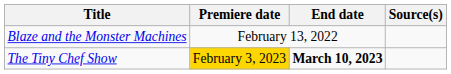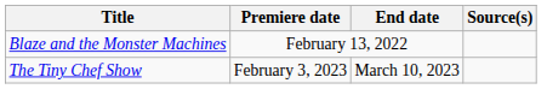 <table class="wikitable sortable">
 <tr>
 <th>Title</th>
 <th>Premiere date</th>
 <th>End date</th>
 <th>Source(s)</th>
 </tr>
 <tr>
 <td><em><a href='#'>Blaze and the Monster Machines</a></em></td>
 <td colspan="2" align=center>February 13, 2022</td>
 <td></td>
 </tr>
 <tr>
 <td><em><a href='#'>The Tiny Chef Show</a></em></td>
-<td style="background: gold;">February 3, 2023</td>
-<td><strong>March 10, 2023</strong></td>
+<td>February 3, 2023</td>
+<td>March 10, 2023</td>
 <td></td>
 </tr>
 </table>
